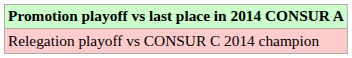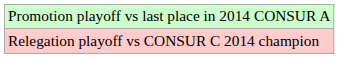 <table class="wikitable">
 <tr>
 </tr>
 <tr width=10px bgcolor=ccffcc>
-<td><strong>Promotion playoff vs last place in 2014 CONSUR A</strong></td>
+<td>Promotion playoff vs last place in 2014 CONSUR A</td>
 </tr>
 <tr width=10px bgcolor="#ffcccc">
 <td>Relegation playoff vs CONSUR C 2014 champion</td>
 </tr>
 <tr>
 </tr>
 </table>
